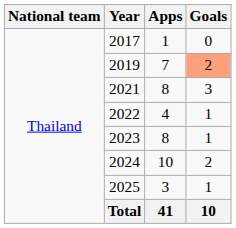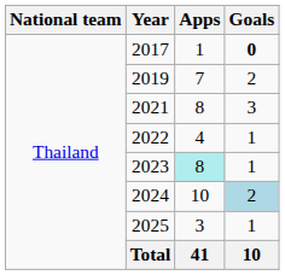 <table class="wikitable" style="text-align:center">
 <tr>
 <th>National team</th>
 <th>Year</th>
 <th>Apps</th>
 <th>Goals</th>
 </tr>
 <tr>
 <td rowspan="8" valign="center"><a href='#'>Thailand</a></td>
 <td>2017</td>
 <td>1</td>
-<td>0</td>
+<td><strong>0</strong></td>
 </tr>
 <tr>
 <td>2019</td>
 <td>7</td>
-<td style="background: lightsalmon;">2</td>
+<td>2</td>
 </tr>
 <tr>
 <td>2021</td>
 <td>8</td>
 <td>3</td>
 </tr>
 <tr>
 <td>2022</td>
 <td>4</td>
 <td>1</td>
 </tr>
 <tr>
 <td>2023</td>
-<td>8</td>
+<td style="background: paleturquoise;">8</td>
 <td>1</td>
 </tr>
 <tr>
 <td>2024</td>
 <td>10</td>
-<td>2</td>
+<td style="background: lightblue;">2</td>
 </tr>
 <tr>
 <td>2025</td>
 <td>3</td>
 <td>1</td>
 </tr>
 <tr>
 <th>Total</th>
 <th>41</th>
 <th>10</th>
 </tr>
 </table>
